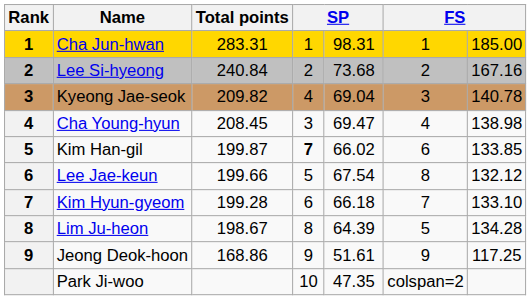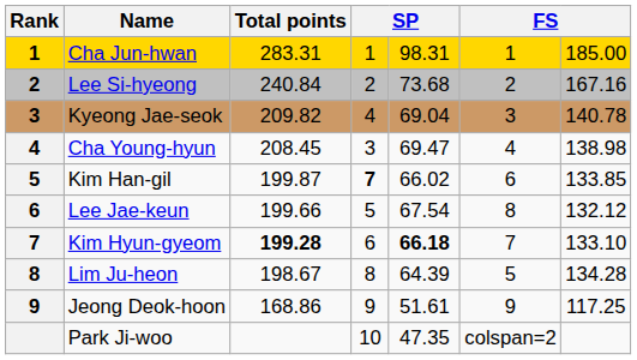 <table class="wikitable sortable">
 <tr>
 <th>Rank</th>
 <th>Name</th>
 <th>Total points</th>
 <th colspan="2" width="80px"><a href='#'>SP</a></th>
 <th colspan="2" width="80px"><a href='#'>FS</a></th>
 </tr>
 <tr bgcolor="gold">
 <td align="center"><strong>1</strong></td>
 <td><a href='#'>Cha Jun-hwan</a></td>
 <td align="center">283.31</td>
 <td align="center">1</td>
 <td align="center">98.31</td>
 <td align="center">1</td>
 <td align="center">185.00</td>
 </tr>
 <tr bgcolor="silver">
 <td align="center"><strong>2</strong></td>
 <td><a href='#'>Lee Si-hyeong</a></td>
 <td align="center">240.84</td>
 <td align="center">2</td>
 <td align="center">73.68</td>
 <td align="center">2</td>
 <td align="center">167.16</td>
 </tr>
 <tr bgcolor="cc9966">
 <td align="center"><strong>3</strong></td>
 <td>Kyeong Jae-seok</td>
 <td align="center">209.82</td>
 <td align="center">4</td>
 <td align="center">69.04</td>
 <td align="center">3</td>
 <td align="center">140.78</td>
 </tr>
 <tr>
 <th>4</th>
 <td><a href='#'>Cha Young-hyun</a></td>
 <td align="center">208.45</td>
 <td align="center">3</td>
 <td align="center">69.47</td>
 <td align="center">4</td>
 <td align="center">138.98</td>
 </tr>
 <tr>
 <th>5</th>
 <td>Kim Han-gil</td>
 <td align="center">199.87</td>
 <td align="center"><strong>7</strong></td>
 <td align="center">66.02</td>
 <td align="center">6</td>
 <td align="center">133.85</td>
 </tr>
 <tr>
 <th>6</th>
 <td><a href='#'>Lee Jae-keun</a></td>
 <td align="center">199.66</td>
 <td align="center">5</td>
 <td align="center">67.54</td>
 <td align="center">8</td>
 <td align="center">132.12</td>
 </tr>
 <tr>
 <th>7</th>
 <td><a href='#'>Kim Hyun-gyeom</a></td>
-<td align="center">199.28</td>
+<td align="center"><strong>199.28</strong></td>
 <td align="center">6</td>
-<td align="center">66.18</td>
+<td align="center"><strong>66.18</strong></td>
 <td align="center">7</td>
 <td align="center">133.10</td>
 </tr>
 <tr>
 <th>8</th>
 <td><a href='#'>Lim Ju-heon</a></td>
 <td align="center">198.67</td>
 <td align="center">8</td>
 <td align="center">64.39</td>
 <td align="center">5</td>
 <td align="center">134.28</td>
 </tr>
 <tr>
 <th>9</th>
 <td>Jeong Deok-hoon</td>
 <td align="center">168.86</td>
 <td align="center">9</td>
 <td align="center">51.61</td>
 <td align="center">9</td>
 <td align="center">117.25</td>
 </tr>
 <tr>
 <th></th>
 <td>Park Ji-woo</td>
 <td></td>
 <td align="center">10</td>
 <td align="center">47.35</td>
 <td>colspan=2 </td>
 </tr>
 </table>
